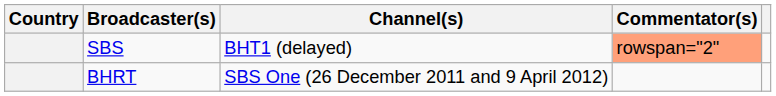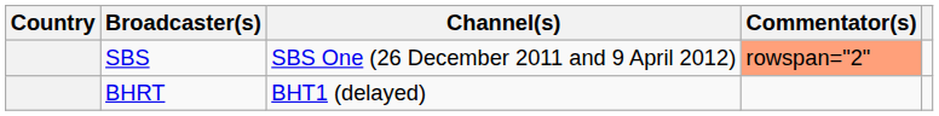 <table class="wikitable plainrowheaders">
 <tr>
 <th scope="col">Country</th>
 <th>Broadcaster(s)</th>
 <th scope="col">Channel(s)</th>
 <th scope="col">Commentator(s)</th>
 <th scope="col"></th>
 </tr>
 <tr>
 <th scope="row"></th>
 <td><a href='#'>SBS</a></td>
-<td><a href='#'>BHT1</a> (delayed)</td>
+<td><a href='#'>SBS One</a> (26 December 2011 and 9 April 2012)</td>
 <td style="background: lightsalmon;">rowspan="2" </td>
 <td></td>
 </tr>
 <tr>
 <th scope="row"></th>
 <td><a href='#'>BHRT</a></td>
-<td><a href='#'>SBS One</a> (26 December 2011 and 9 April 2012)</td>
+<td><a href='#'>BHT1</a> (delayed)</td>
 <td></td>
 </tr>
 </table>
